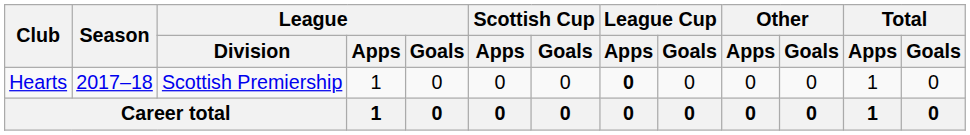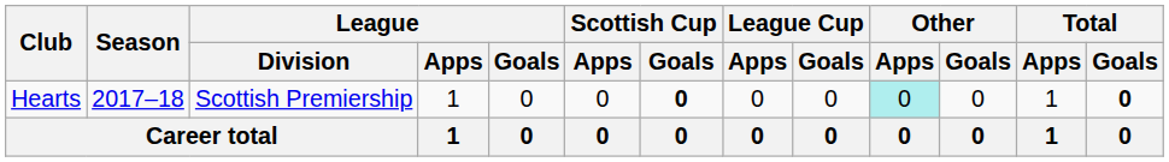 <table class=wikitable style="text-align: center">
 <tr>
 <th rowspan=2>Club</th>
 <th rowspan=2>Season</th>
 <th colspan=3>League</th>
 <th colspan=2>Scottish Cup</th>
 <th colspan=2>League Cup</th>
 <th colspan=2>Other</th>
 <th colspan=2>Total</th>
 </tr>
 <tr>
 <th>Division</th>
 <th>Apps</th>
 <th>Goals</th>
 <th>Apps</th>
 <th>Goals</th>
 <th>Apps</th>
 <th>Goals</th>
 <th>Apps</th>
 <th>Goals</th>
 <th>Apps</th>
 <th>Goals</th>
 </tr>
 <tr>
 <td rowspan=1><a href='#'>Hearts</a></td>
 <td><a href='#'>2017–18</a></td>
 <td><a href='#'>Scottish Premiership</a></td>
 <td>1</td>
 <td>0</td>
 <td>0</td>
-<td>0</td>
 <td><strong>0</strong></td>
 <td>0</td>
 <td>0</td>
+<td style="background: paleturquoise;">0</td>
 <td>0</td>
 <td>1</td>
-<td>0</td>
+<td><strong>0</strong></td>
 </tr>
 <tr>
 <th colspan=3>Career total</th>
 <th>1</th>
 <th>0</th>
 <th>0</th>
 <th>0</th>
 <th>0</th>
 <th>0</th>
 <th>0</th>
 <th>0</th>
 <th>1</th>
 <th>0</th>
 </tr>
 </table>
